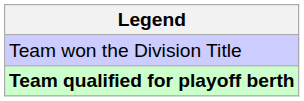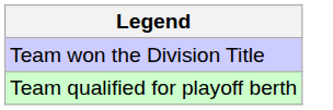 <table class="wikitable">
 <tr>
 <th>Legend</th>
 </tr>
 <tr style="background:#ccf;">
 <td>Team won the Division Title</td>
 </tr>
 <tr style="background:#cfc;">
-<td><strong>Team qualified for playoff berth</strong></td>
+<td>Team qualified for playoff berth</td>
 </tr>
 </table>
